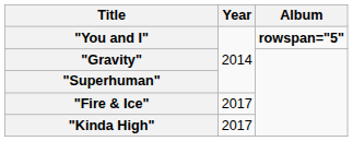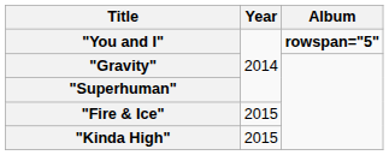 <table class="wikitable plainrowheaders" style="text-align:center;">
 <tr>
 <th scope="col" style="width:15em;">Title</th>
 <th scope="col" style="width:1em;">Year</th>
 <th scope="col">Album</th>
 </tr>
 <tr>
 <th scope="row">"You and I"<br></th>
 <td rowspan="3">2014</td>
 <td><strong>rowspan="5" </strong></td>
 </tr>
 <tr>
 <th scope="row">"Gravity"<br></th>
 </tr>
 <tr>
 <th scope="row">"Superhuman"<br></th>
 </tr>
 <tr>
 <th scope="row">"Fire & Ice"<br></th>
-<td>2017</td>
+<td>2015</td>
 </tr>
 <tr>
 <th scope="row">"Kinda High"<br></th>
-<td>2017</td>
+<td>2015</td>
 </tr>
 </table>
